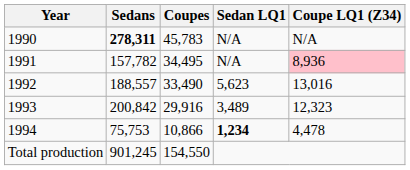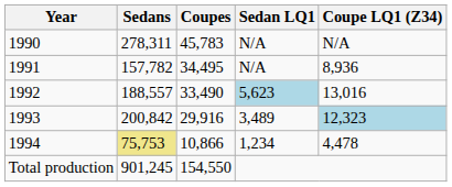 <table class=wikitable>
 <tr>
 <th>Year</th>
 <th>Sedans</th>
 <th>Coupes</th>
 <th>Sedan LQ1</th>
 <th>Coupe LQ1 (Z34)</th>
 </tr>
 <tr>
 <td>1990</td>
-<td><strong>278,311</strong></td>
+<td>278,311</td>
 <td>45,783</td>
 <td>N/A</td>
 <td>N/A</td>
 </tr>
 <tr>
 <td>1991</td>
 <td>157,782</td>
 <td>34,495</td>
 <td>N/A</td>
-<td style="background: pink;">8,936</td>
+<td>8,936</td>
 </tr>
 <tr>
 <td>1992</td>
 <td>188,557</td>
 <td>33,490</td>
-<td>5,623</td>
+<td style="background: lightblue;">5,623</td>
 <td>13,016</td>
 </tr>
 <tr>
 <td>1993</td>
 <td>200,842</td>
 <td>29,916</td>
 <td>3,489</td>
-<td>12,323</td>
+<td style="background: lightblue;">12,323</td>
 </tr>
 <tr>
 <td>1994</td>
-<td>75,753</td>
+<td style="background: khaki;">75,753</td>
 <td>10,866</td>
-<td><strong>1,234</strong></td>
+<td>1,234</td>
 <td>4,478</td>
 </tr>
 <tr>
 <td>Total production</td>
 <td>901,245</td>
 <td>154,550</td>
 </tr>
 </table>
